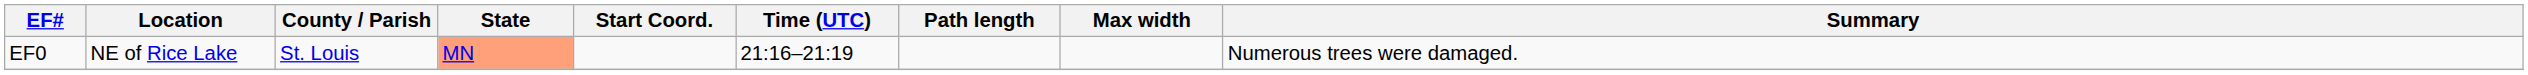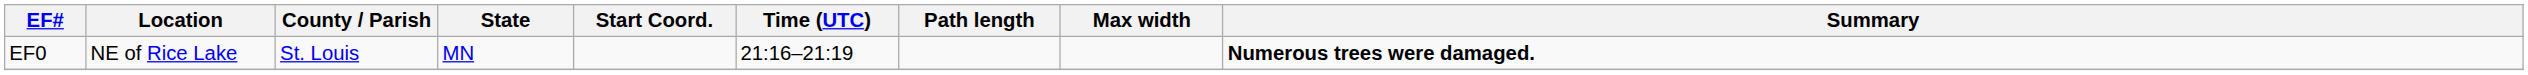 <table class="wikitable sortable" style="width:100%;">
 <tr>
 <th scope="col"  style="width:3%; text-align:center;"><a href='#'>EF#</a></th>
 <th scope="col"  style="width:7%; text-align:center;" class="unsortable">Location</th>
 <th scope="col"  style="width:6%; text-align:center;" class="unsortable">County / Parish</th>
 <th scope="col"  style="width:5%; text-align:center;">State</th>
 <th scope="col"  style="width:6%; text-align:center;">Start Coord.</th>
 <th scope="col"  style="width:6%; text-align:center;">Time (<a href='#'>UTC</a>)</th>
 <th scope="col"  style="width:6%; text-align:center;">Path length</th>
 <th scope="col"  style="width:6%; text-align:center;">Max width</th>
 <th scope="col" class="unsortable" style="width:48%; text-align:center;">Summary</th>
 </tr>
 <tr>
 <td>EF0</td>
 <td>NE of <a href='#'>Rice Lake</a></td>
 <td><a href='#'>St. Louis</a></td>
-<td style="background: lightsalmon;"><a href='#'>MN</a></td>
+<td><a href='#'>MN</a></td>
 <td></td>
 <td>21:16–21:19</td>
 <td></td>
 <td></td>
-<td>Numerous trees were damaged.</td>
+<td><strong>Numerous trees were damaged.</strong></td>
 </tr>
 <tr>
 </tr>
 </table>
